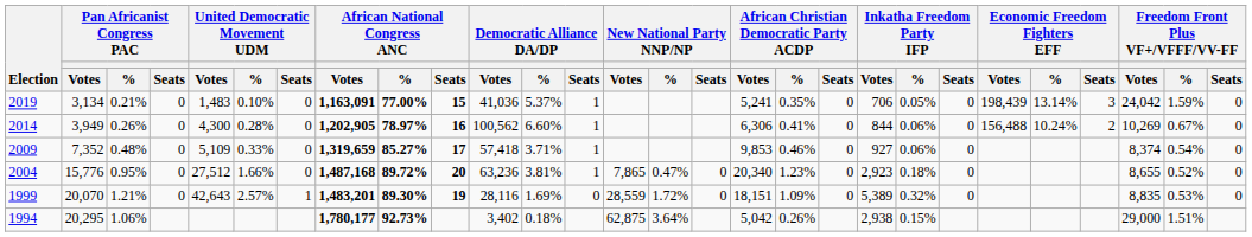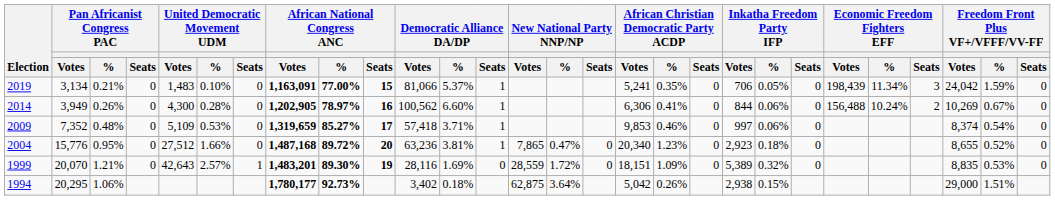 <table class="wikitable" border="1" style="font-size:80%; text-align:right;">
 <tr>
 <th style="text-align:left;" valign=bottom rowspan=3>Election</th>
 <th valign=bottom colspan=3><a href='#'>Pan Africanist<br>Congress</a><br>PAC</th>
 <th valign=bottom colspan=3><a href='#'>United Democratic<br>Movement</a><br>UDM</th>
 <th valign=bottom colspan=3><a href='#'>African National<br>Congress</a><br>ANC</th>
 <th valign=bottom colspan=3><a href='#'>Democratic Alliance</a><br>DA/DP</th>
 <th valign=bottom colspan=3><a href='#'>New National Party</a><br>NNP/NP</th>
 <th valign=bottom colspan=3><a href='#'>African Christian<br>Democratic Party</a><br>ACDP</th>
 <th valign=bottom colspan=3><a href='#'>Inkatha Freedom<br>Party</a><br>IFP</th>
 <th valign=bottom colspan=3><a href='#'>Economic Freedom<br>Fighters</a><br>EFF</th>
 <th valign=bottom colspan=3><a href='#'>Freedom Front<br>Plus</a><br>VF+/VFFF/VV-FF</th>
 </tr>
 <tr>
 <th colspan=3 style="background:"></th>
 <th colspan=3 style="background:"></th>
 <th colspan=3 style="background:"></th>
 <th colspan=3 style="background:"></th>
 <th colspan=3 style="background:"></th>
 <th colspan=3 style="background:"></th>
 <th colspan=3 style="background:"></th>
 <th colspan=3 style="background:"></th>
 <th colspan=3 style="background:"></th>
 </tr>
 <tr>
 <th>Votes</th>
 <th>%</th>
 <th>Seats</th>
 <th>Votes</th>
 <th>%</th>
 <th>Seats</th>
 <th>Votes</th>
 <th>%</th>
 <th>Seats</th>
 <th>Votes</th>
 <th>%</th>
 <th>Seats</th>
 <th>Votes</th>
 <th>%</th>
 <th>Seats</th>
 <th>Votes</th>
 <th>%</th>
 <th>Seats</th>
 <th>Votes</th>
 <th>%</th>
 <th>Seats</th>
 <th>Votes</th>
 <th>%</th>
 <th>Seats</th>
 <th>Votes</th>
 <th>%</th>
 <th>Seats</th>
 </tr>
 <tr>
 <td align=left><a href='#'>2019</a></td>
 <td>3,134</td>
 <td>0.21%</td>
 <td>0</td>
 <td>1,483</td>
 <td>0.10%</td>
 <td>0</td>
 <td><strong>1,163,091</strong></td>
 <td><strong>77.00%</strong></td>
 <td><strong>15</strong></td>
-<td>41,036</td>
+<td>81,066</td>
 <td>5.37%</td>
 <td>1</td>
 <td></td>
 <td></td>
 <td></td>
 <td>5,241</td>
 <td>0.35%</td>
 <td>0</td>
 <td>706</td>
 <td>0.05%</td>
 <td>0</td>
 <td>198,439</td>
-<td>13.14%</td>
+<td>11.34%</td>
 <td>3</td>
 <td>24,042</td>
 <td>1.59%</td>
 <td>0</td>
 </tr>
 <tr>
 <td align=left><a href='#'>2014</a></td>
 <td>3,949</td>
 <td>0.26%</td>
 <td>0</td>
 <td>4,300</td>
 <td>0.28%</td>
 <td>0</td>
 <td><strong>1,202,905</strong></td>
 <td><strong>78.97%</strong></td>
 <td><strong>16</strong></td>
 <td>100,562</td>
 <td>6.60%</td>
 <td>1</td>
 <td></td>
 <td></td>
 <td></td>
 <td>6,306</td>
 <td>0.41%</td>
 <td>0</td>
 <td>844</td>
 <td>0.06%</td>
 <td>0</td>
 <td>156,488</td>
 <td>10.24%</td>
 <td>2</td>
 <td>10,269</td>
 <td>0.67%</td>
 <td>0</td>
 </tr>
 <tr>
 <td align=left><a href='#'>2009</a></td>
 <td>7,352</td>
 <td>0.48%</td>
 <td>0</td>
 <td>5,109</td>
-<td>0.33%</td>
+<td>0.53%</td>
 <td>0</td>
 <td><strong>1,319,659</strong></td>
 <td><strong>85.27%</strong></td>
 <td><strong>17</strong></td>
 <td>57,418</td>
 <td>3.71%</td>
 <td>1</td>
 <td></td>
 <td></td>
 <td></td>
 <td>9,853</td>
 <td>0.46%</td>
 <td>0</td>
-<td>927</td>
+<td>997</td>
 <td>0.06%</td>
 <td>0</td>
 <td></td>
 <td></td>
 <td></td>
 <td>8,374</td>
 <td>0.54%</td>
 <td>0</td>
 </tr>
 <tr>
 <td align=left><a href='#'>2004</a></td>
 <td>15,776</td>
 <td>0.95%</td>
 <td>0</td>
 <td>27,512</td>
 <td>1.66%</td>
 <td>0</td>
 <td><strong>1,487,168</strong></td>
 <td><strong>89.72%</strong></td>
 <td><strong>20</strong></td>
 <td>63,236</td>
 <td>3.81%</td>
 <td>1</td>
 <td>7,865</td>
 <td>0.47%</td>
 <td>0</td>
 <td>20,340</td>
 <td>1.23%</td>
 <td>0</td>
 <td>2,923</td>
 <td>0.18%</td>
 <td>0</td>
 <td></td>
 <td></td>
 <td></td>
 <td>8,655</td>
 <td>0.52%</td>
 <td>0</td>
 </tr>
 <tr>
 <td align=left><a href='#'>1999</a></td>
 <td>20,070</td>
 <td>1.21%</td>
 <td>0</td>
 <td>42,643</td>
 <td>2.57%</td>
 <td>1</td>
 <td><strong>1,483,201</strong></td>
 <td><strong>89.30%</strong></td>
 <td><strong>19</strong></td>
 <td>28,116</td>
 <td>1.69%</td>
 <td>0</td>
 <td>28,559</td>
 <td>1.72%</td>
 <td>0</td>
 <td>18,151</td>
 <td>1.09%</td>
 <td>0</td>
 <td>5,389</td>
 <td>0.32%</td>
 <td>0</td>
 <td></td>
 <td></td>
 <td></td>
 <td>8,835</td>
 <td>0.53%</td>
 <td>0</td>
 </tr>
 <tr>
 <td align=left><a href='#'>1994</a></td>
 <td>20,295</td>
 <td>1.06%</td>
 <td></td>
 <td></td>
 <td></td>
 <td></td>
 <td><strong>1,780,177</strong></td>
 <td><strong>92.73%</strong></td>
 <td></td>
 <td>3,402</td>
 <td>0.18%</td>
 <td></td>
 <td>62,875</td>
 <td>3.64%</td>
 <td></td>
 <td>5,042</td>
 <td>0.26%</td>
 <td></td>
 <td>2,938</td>
 <td>0.15%</td>
 <td></td>
 <td></td>
 <td></td>
 <td></td>
 <td>29,000</td>
 <td>1.51%</td>
 <td></td>
 </tr>
 </table>
